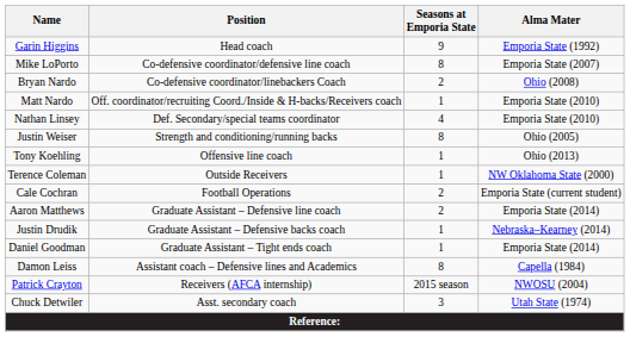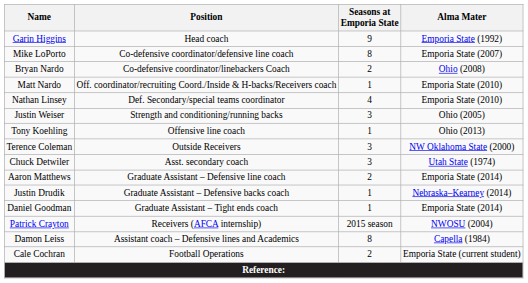 <table class="wikitable" style="font-size:90%;">
 <tr>
 <th>Name</th>
 <th>Position</th>
 <th>Seasons at<br>Emporia State</th>
 <th>Alma Mater</th>
 </tr>
 <tr style="text-align:center;">
 <td align=center><a href='#'>Garin Higgins</a></td>
 <td>Head coach</td>
 <td>9</td>
 <td><a href='#'>Emporia State</a> (1992)</td>
 </tr>
 <tr style="text-align:center;">
 <td align=center>Mike LoPorto</td>
 <td>Co-defensive coordinator/defensive line coach</td>
 <td>8</td>
 <td>Emporia State (2007)</td>
 </tr>
 <tr style="text-align:center;">
 <td align=center>Bryan Nardo</td>
 <td>Co-defensive coordinator/linebackers Coach</td>
 <td>2</td>
 <td><a href='#'>Ohio</a> (2008)</td>
 </tr>
 <tr style="text-align:center;">
 <td align=center>Matt Nardo</td>
 <td>Off. coordinator/recruiting Coord./Inside & H-backs/Receivers coach</td>
 <td>1</td>
 <td>Emporia State (2010)</td>
 </tr>
 <tr style="text-align:center;">
 <td align=center>Nathan Linsey</td>
 <td>Def. Secondary/special teams coordinator</td>
 <td>4</td>
 <td>Emporia State (2010)</td>
 </tr>
 <tr style="text-align:center;">
 <td align=center>Justin Weiser</td>
 <td>Strength and conditioning/running backs</td>
-<td>8</td>
+<td>3</td>
 <td>Ohio (2005)</td>
 </tr>
 <tr style="text-align:center;">
 <td align=center>Tony Koehling</td>
 <td>Offensive line coach</td>
 <td>1</td>
 <td>Ohio (2013)</td>
 </tr>
 <tr style="text-align:center;">
 <td align=center>Terence Coleman</td>
 <td>Outside Receivers</td>
-<td>1</td>
+<td>3</td>
 <td><a href='#'>NW Oklahoma State</a> (2000)</td>
 </tr>
 <tr style="text-align:center;">
-<td align=center>Cale Cochran</td>
-<td>Football Operations</td>
-<td>2</td>
-<td>Emporia State (current student)</td>
+<td align=center>Chuck Detwiler</td>
+<td>Asst. secondary coach</td>
+<td>3</td>
+<td><a href='#'>Utah State</a> (1974)</td>
 </tr>
 <tr style="text-align:center;">
 <td align=center>Aaron Matthews</td>
 <td>Graduate Assistant – Defensive line coach</td>
 <td>2</td>
 <td>Emporia State (2014)</td>
 </tr>
 <tr style="text-align:center;">
 <td align=center>Justin Drudik</td>
 <td>Graduate Assistant – Defensive backs coach</td>
 <td>1</td>
 <td><a href='#'>Nebraska–Kearney</a> (2014)</td>
 </tr>
 <tr style="text-align:center;">
 <td align=center>Daniel Goodman</td>
 <td>Graduate Assistant – Tight ends coach</td>
 <td>1</td>
 <td>Emporia State (2014)</td>
 </tr>
 <tr style="text-align:center;">
+<td align=center><a href='#'>Patrick Crayton</a></td>
+<td>Receivers (<a href='#'>AFCA</a> internship)</td>
+<td>2015 season</td>
+<td><a href='#'>NWOSU</a> (2004)</td>
+</tr>
+<tr style="text-align:center;">
 <td align=center>Damon Leiss</td>
 <td>Assistant coach – Defensive lines and Academics</td>
 <td>8</td>
 <td><a href='#'>Capella</a> (1984)</td>
 </tr>
 <tr style="text-align:center;">
-<td align=center><a href='#'>Patrick Crayton</a></td>
-<td>Receivers (<a href='#'>AFCA</a> internship)</td>
-<td>2015 season</td>
-<td><a href='#'>NWOSU</a> (2004)</td>
-</tr>
-<tr style="text-align:center;">
-<td align=center>Chuck Detwiler</td>
-<td>Asst. secondary coach</td>
-<td>3</td>
-<td><a href='#'>Utah State</a> (1974)</td>
+<td align=center>Cale Cochran</td>
+<td>Football Operations</td>
+<td>2</td>
+<td>Emporia State (current student)</td>
 </tr>
 <tr style="text-align:center;">
 <td colspan="4" style="background:#231F20; color:white;"><strong>Reference:</strong></td>
 </tr>
 </table>
